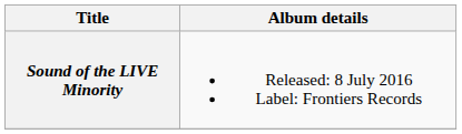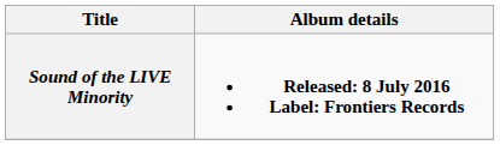 <table class="wikitable plainrowheaders" style="text-align:center;" border="1">
 <tr>
 <th scope="col" style="width:10em;">Title</th>
 <th scope="col" style="width:16em;">Album details</th>
 </tr>
 <tr>
 <th scope="row"><em>Sound of the LIVE Minority</em></th>
-<td><br><ul><li>Released: 8 July 2016</li><li>Label: Frontiers Records</li></ul></td>
+<td><strong><br><ul><li>Released: 8 July 2016</li><li>Label: Frontiers Records</li></ul></strong></td>
 </tr>
 <tr>
 </tr>
 </table>
